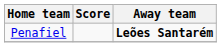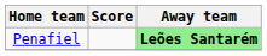 <table class="wikitable" style="text-align: center">
 <tr>
 <th>Home team</th>
 <th>Score</th>
 <th>Away team</th>
 </tr>
 <tr>
 <td><a href='#'>Penafiel</a> </td>
 <td></td>
-<td><strong>Leões Santarém</strong> </td>
+<td style="background: lightgreen;"><strong>Leões Santarém</strong> </td>
 </tr>
 <tr>
 </tr>
 </table>
